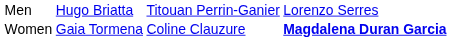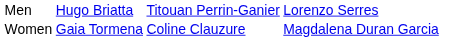 <table>
 <tr>
 <td align="left">Men</td>
 <td> <a href='#'>Hugo Briatta</a></td>
 <td> <a href='#'>Titouan Perrin-Ganier</a></td>
 <td> <a href='#'>Lorenzo Serres</a></td>
 </tr>
 <tr>
 <td align="left">Women</td>
 <td> <a href='#'>Gaia Tormena</a></td>
 <td> <a href='#'>Coline Clauzure</a></td>
-<td><strong> <a href='#'>Magdalena Duran Garcia</a></strong></td>
+<td> <a href='#'>Magdalena Duran Garcia</a></td>
 </tr>
 </table>
